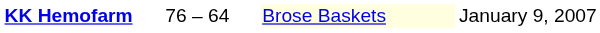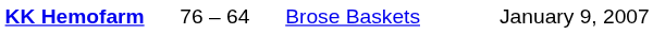 <table style="text-align:center">
 <tr>
 <th width=160></th>
 <th width=100></th>
 <th width=160></th>
 <th width=200></th>
 </tr>
 <tr>
 <td align=right><strong><a href='#'>KK Hemofarm</a></strong> </td>
 <td>76 – 64</td>
-<td align=left style="background: lightyellow;"> <a href='#'>Brose Baskets</a></td>
+<td align=left> <a href='#'>Brose Baskets</a></td>
 <td align=left>January 9, 2007</td>
 </tr>
 </table>
